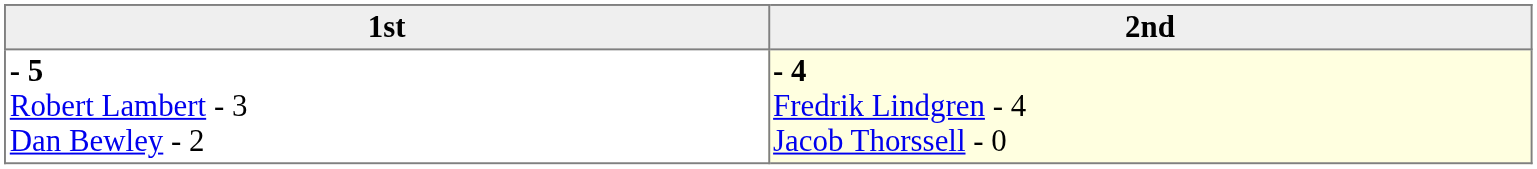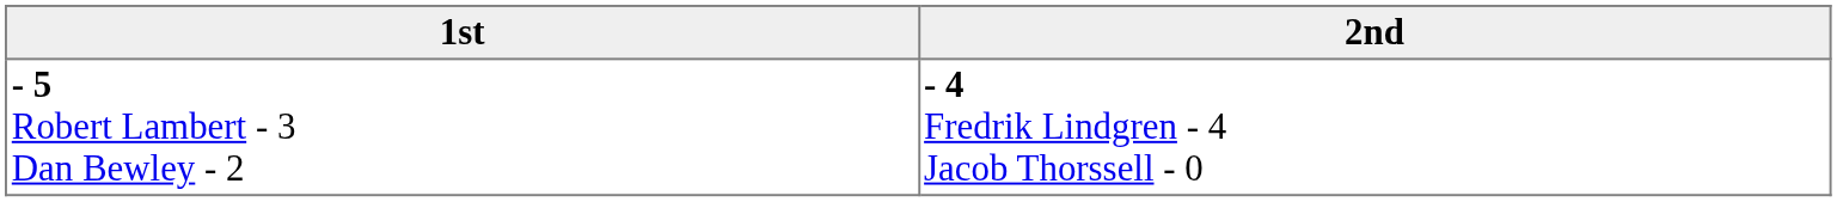 <table border="1" cellpadding="2" cellspacing="0"  style="width:50%; border-collapse:collapse;">
 <tr style="text-align:left; background:#efefef;">
 <th width=15% align=center >1st</th>
 <th width=15% align=center>2nd</th>
 </tr>
 <tr align=left>
 <td valign=top align=left ><strong> - 5</strong><br><a href='#'>Robert Lambert</a> - 3<br><a href='#'>Dan Bewley</a> - 2</td>
-<td valign=top align=left style="background: lightyellow;"><strong> - 4</strong><br><a href='#'>Fredrik Lindgren</a> - 4<br><a href='#'>Jacob Thorssell</a> - 0</td>
+<td valign=top align=left><strong> - 4</strong><br><a href='#'>Fredrik Lindgren</a> - 4<br><a href='#'>Jacob Thorssell</a> - 0</td>
 </tr>
 </table>
